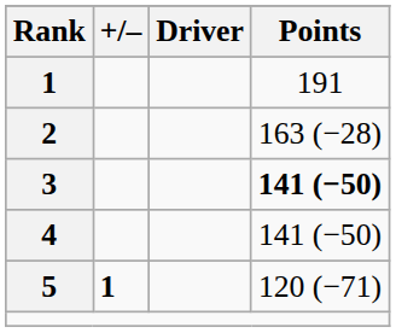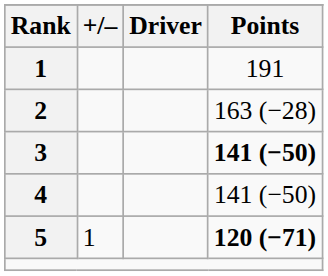 <table class="wikitable sortable" style="font-size: 95%;">
 <tr>
 </tr>
 <tr>
 <th scope="col">Rank</th>
 <th scope="col">+/–</th>
 <th scope="col">Driver</th>
 <th scope="col">Points</th>
 </tr>
 <tr>
 <th scope="row">1</th>
 <td align="left"></td>
 <td></td>
 <td align="center">191</td>
 </tr>
 <tr>
 <th scope="row">2</th>
 <td align="left"></td>
 <td></td>
 <td align="center">163 (−28)</td>
 </tr>
 <tr>
 <th scope="row">3</th>
 <td align="left"></td>
 <td></td>
 <td align="center"><strong>141 (−50)</strong></td>
 </tr>
 <tr>
 <th scope="row">4</th>
 <td align="left"></td>
 <td></td>
 <td align="center">141 (−50)</td>
 </tr>
 <tr>
 <th scope="row">5</th>
-<td align="left"><strong> 1</strong></td>
+<td align="left"> 1</td>
 <td></td>
-<td align="center">120 (−71)</td>
+<td align="center"><strong>120 (−71)</strong></td>
 </tr>
 <tr class="sortbottom">
 <td colspan="9"></td>
 </tr>
 </table>
